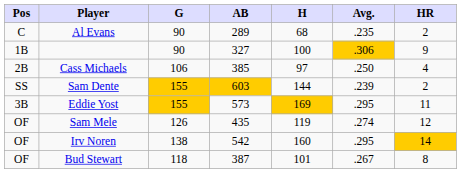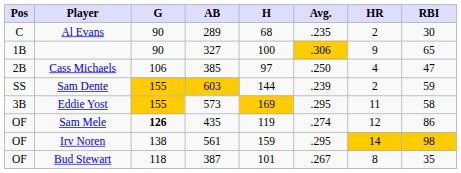 <table class="wikitable sortable">
 <tr>
 <th style="background:#ddf; width:5%;">Pos</th>
 <th style="background:#ddf; width:16%;">Player</th>
 <th style="background:#ddf; width:9%;">G</th>
 <th style="background:#ddf; width:9%;">AB</th>
 <th style="background:#ddf; width:9%;">H</th>
 <th style="background:#ddf; width:9%;">Avg.</th>
 <th style="background:#ddf; width:9%;">HR</th>
+<th style="background:#ddf; width:9%;">RBI</th>
 </tr>
 <tr style="text-align:center;">
 <td>C</td>
 <td><a href='#'>Al Evans</a></td>
 <td>90</td>
 <td>289</td>
 <td>68</td>
 <td>.235</td>
 <td>2</td>
+<td>30</td>
 </tr>
 <tr align="center">
 <td>1B</td>
 <td></td>
 <td>90</td>
 <td>327</td>
 <td>100</td>
 <td style="background:#fc0;">.306</td>
 <td>9</td>
+<td>65</td>
 </tr>
 <tr align="center">
 <td>2B</td>
 <td><a href='#'>Cass Michaels</a></td>
 <td>106</td>
 <td>385</td>
 <td>97</td>
 <td>.250</td>
 <td>4</td>
+<td>47</td>
 </tr>
 <tr align="center">
 <td>SS</td>
 <td><a href='#'>Sam Dente</a></td>
 <td style="background:#fc0;">155</td>
 <td style="background:#fc0;">603</td>
 <td>144</td>
 <td>.239</td>
 <td>2</td>
+<td>59</td>
 </tr>
 <tr align="center">
 <td>3B</td>
 <td><a href='#'>Eddie Yost</a></td>
 <td style="background:#fc0;">155</td>
 <td>573</td>
 <td style="background:#fc0;">169</td>
 <td>.295</td>
 <td>11</td>
+<td>58</td>
 </tr>
 <tr align="center">
 <td>OF</td>
 <td><a href='#'>Sam Mele</a></td>
-<td>126</td>
+<td><strong>126</strong></td>
 <td>435</td>
 <td>119</td>
 <td>.274</td>
 <td>12</td>
+<td>86</td>
 </tr>
 <tr align="center">
 <td>OF</td>
 <td><a href='#'>Irv Noren</a></td>
 <td>138</td>
-<td>542</td>
-<td>160</td>
+<td>561</td>
+<td>159</td>
 <td>.295</td>
 <td style="background:#fc0;">14</td>
+<td style="background:#fc0;">98</td>
 </tr>
 <tr align="center">
 <td>OF</td>
 <td><a href='#'>Bud Stewart</a></td>
 <td>118</td>
 <td>387</td>
 <td>101</td>
 <td>.267</td>
 <td>8</td>
+<td>35</td>
 </tr>
 </table>
